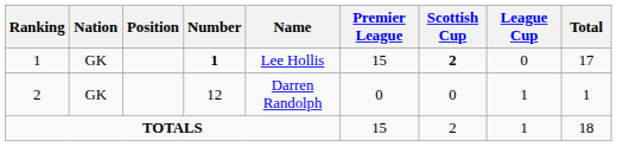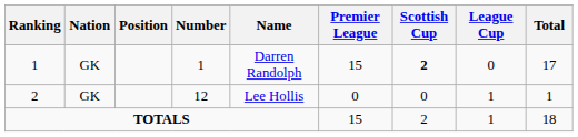 <table class="wikitable" style="font-size: 95%; text-align: center;">
 <tr>
 <th width=60>Ranking</th>
 <th width=60>Nation</th>
 <th width=60>Position</th>
 <th width=60>Number</th>
 <th width=200>Name</th>
 <th width=150><a href='#'>Premier League</a></th>
 <th width=100><a href='#'>Scottish Cup</a></th>
 <th width=150><a href='#'>League Cup</a></th>
 <th width=80>Total</th>
 </tr>
 <tr>
 <td>1</td>
 <td>GK</td>
 <td></td>
-<td><strong>1</strong></td>
-<td><a href='#'>Lee Hollis</a></td>
+<td>1</td>
+<td><a href='#'>Darren Randolph</a></td>
 <td>15</td>
 <td><strong>2</strong></td>
 <td>0</td>
 <td>17</td>
 </tr>
 <tr>
 <td>2</td>
 <td>GK</td>
 <td></td>
 <td>12</td>
-<td><a href='#'>Darren Randolph</a></td>
+<td><a href='#'>Lee Hollis</a></td>
 <td>0</td>
 <td>0</td>
 <td>1</td>
 <td>1</td>
 </tr>
 <tr>
 <td colspan="5"><strong>TOTALS</strong></td>
 <td>15</td>
 <td>2</td>
 <td>1</td>
 <td>18</td>
 </tr>
 </table>
